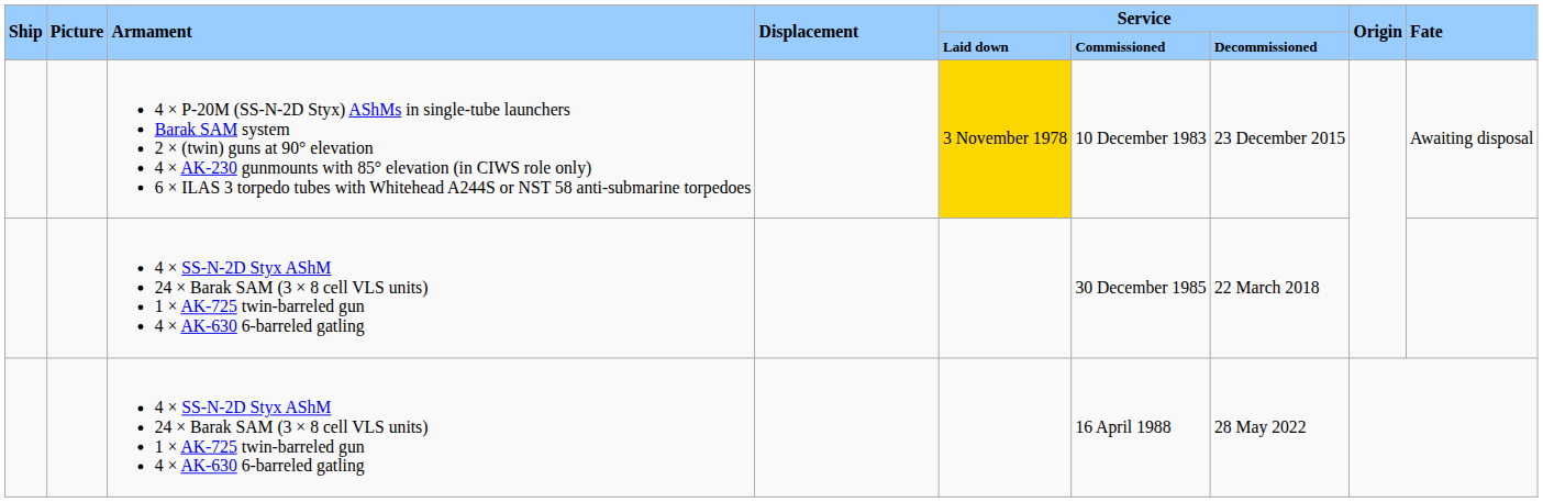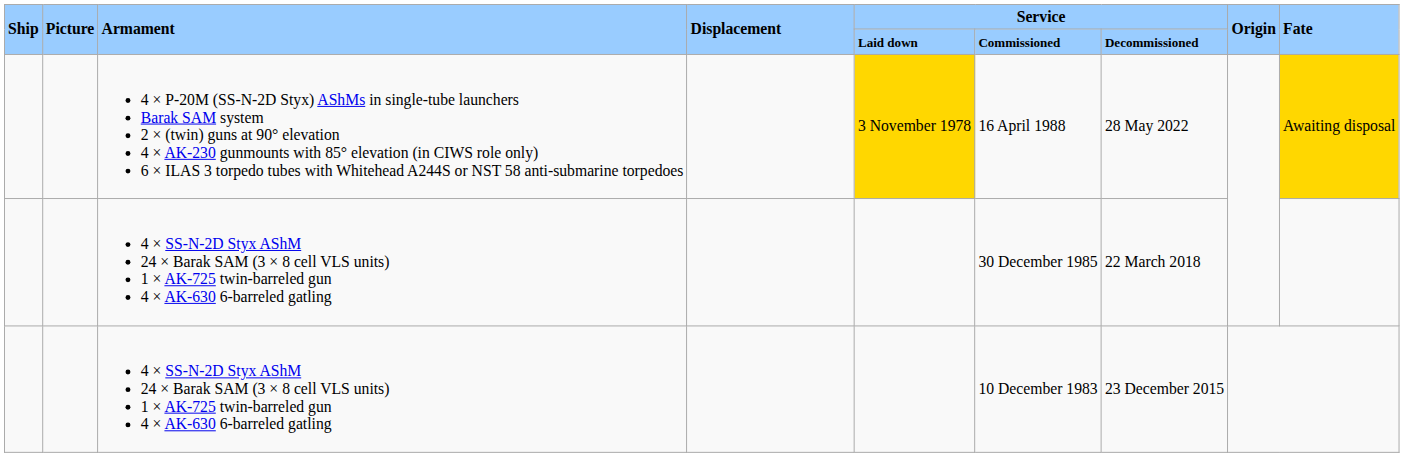 <table class="wikitable">
 <tr>
 <th align= center scope=col rowspan=2 style="text-align:left; background:#9cf;"><div>Ship</div></th>
 <th align= center scope=col rowspan=2 style="text-align:left; background:#9cf;"><div>Picture</div></th>
 <th align= center scope=col rowspan=2 style="text-align:left; background:#9cf;"><div>Armament</div></th>
 <th align= center scope=col rowspan=2 style="text-align:left; width:12%; background:#9cf;"><div>Displacement</div></th>
 <th align= center scope=col colspan=3 style="text-align:center; background:#9cf;"><div>Service</div></th>
 <th align= center scope=col rowspan=2 style="text-align:left; background:#9cf;"><div>Origin</div></th>
 <th align= center scope=col rowspan=2 style="text-align:left; background:#9cf;"><div>Fate</div></th>
 </tr>
 <tr>
 <th align= center scope=col style="text-align:left; background:#9cf;"><small>Laid down</small></th>
 <th align= center scope=col style="text-align:left; background:#9cf;"><small>Commissioned</small></th>
 <th align= center scope=col style="text-align:left; background:#9cf;"><small>Decommissioned</small></th>
 </tr>
 <tr>
 <td></td>
 <td></td>
 <td rowspan="1"><br><ul><li>4 × P-20M (SS-N-2D Styx) <a href='#'>AShMs</a> in single-tube launchers</li><li><a href='#'>Barak SAM</a> system</li><li>2 ×  (twin) guns at 90° elevation</li><li>4 × <a href='#'>AK-230</a>  gunmounts with 85° elevation (in CIWS role only)</li><li>6 ×  ILAS 3 torpedo tubes with Whitehead A244S or NST 58 anti-submarine torpedoes</li></ul></td>
 <td rowspan="1"></td>
 <td style="background: gold;">3 November 1978</td>
-<td>10 December 1983</td>
-<td>23 December 2015</td>
+<td>16 April 1988</td>
+<td>28 May 2022</td>
 <td rowspan="2"></td>
-<td>Awaiting disposal</td>
+<td style="background: gold;">Awaiting disposal</td>
 </tr>
 <tr>
 <td></td>
 <td></td>
 <td rowspan="1"><br><ul><li>4 × <a href='#'>SS-N-2D Styx AShM</a></li><li>24 × Barak SAM (3 × 8 cell VLS units)</li><li>1 × <a href='#'>AK-725</a> twin-barreled  gun</li><li>4 × <a href='#'>AK-630</a> 6-barreled  gatling</li></ul></td>
 <td rowspan="1"></td>
 <td></td>
 <td>30 December 1985</td>
 <td>22 March 2018</td>
 <td></td>
 </tr>
 <tr>
 <td></td>
 <td></td>
 <td rowspan="1"><br><ul><li>4 × <a href='#'>SS-N-2D Styx AShM</a></li><li>24 × Barak SAM (3 × 8 cell VLS units)</li><li>1 × <a href='#'>AK-725</a> twin-barreled  gun</li><li>4 × <a href='#'>AK-630</a> 6-barreled  gatling</li></ul></td>
 <td rowspan="1"></td>
 <td></td>
-<td>16 April 1988</td>
-<td>28 May 2022</td>
+<td>10 December 1983</td>
+<td>23 December 2015</td>
 </tr>
 </table>
